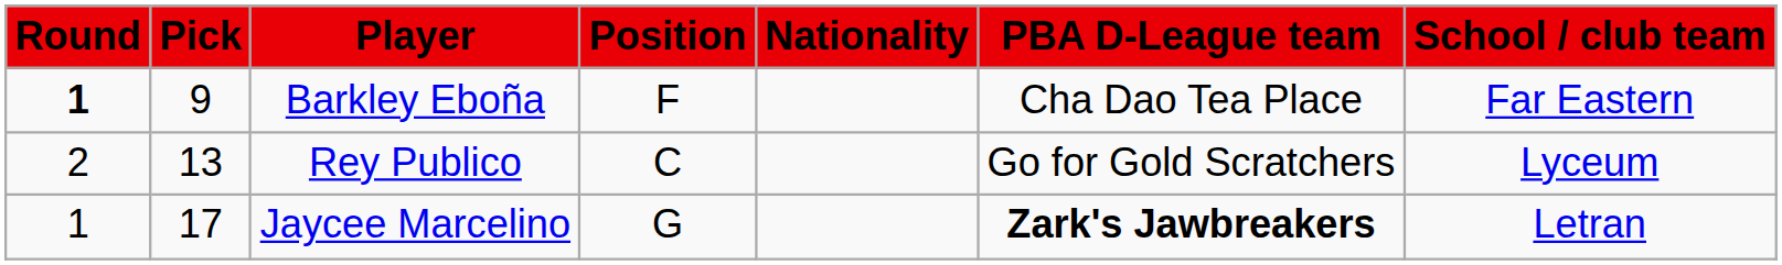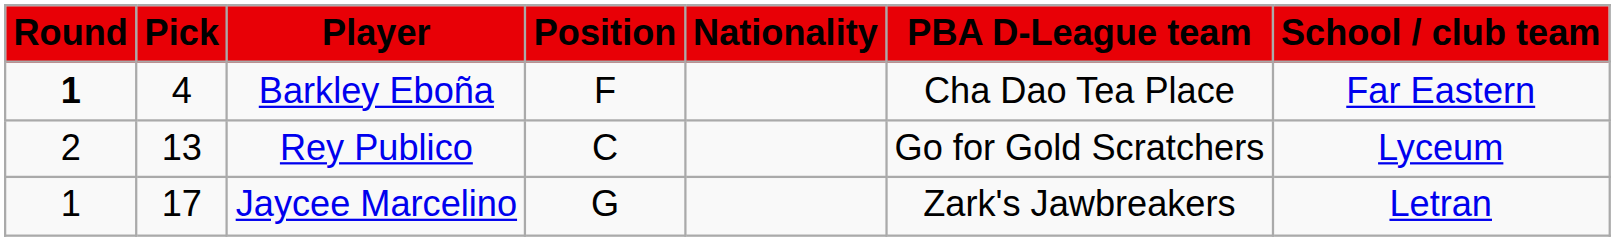 <table class="wikitable sortable sortable">
 <tr>
 <th style="background:#E80006; color:#000000; ">Round</th>
 <th style="background:#E80006; color:#000000; ">Pick</th>
 <th style="background:#E80006; color:#000000; ">Player</th>
 <th style="background:#E80006; color:#000000; ">Position</th>
 <th style="background:#E80006; color:#000000; ">Nationality</th>
 <th style="background:#E80006; color:#000000; ">PBA D-League team</th>
 <th style="background:#E80006; color:#000000; ">School / club team</th>
 </tr>
 <tr style="text-align: center">
 <td><strong>1</strong></td>
-<td>9</td>
+<td>4</td>
 <td><a href='#'>Barkley Eboña</a></td>
 <td>F</td>
 <td></td>
 <td>Cha Dao Tea Place</td>
 <td><a href='#'>Far Eastern</a></td>
 </tr>
 <tr style="text-align: center">
 <td>2</td>
 <td>13</td>
 <td><a href='#'>Rey Publico</a></td>
 <td>C</td>
 <td></td>
 <td>Go for Gold Scratchers</td>
 <td><a href='#'>Lyceum</a></td>
 </tr>
 <tr style="text-align: center">
 <td>1</td>
 <td>17</td>
 <td><a href='#'>Jaycee Marcelino</a></td>
 <td>G</td>
 <td></td>
-<td><strong>Zark's Jawbreakers</strong></td>
+<td>Zark's Jawbreakers</td>
 <td><a href='#'>Letran</a></td>
 </tr>
 </table>
